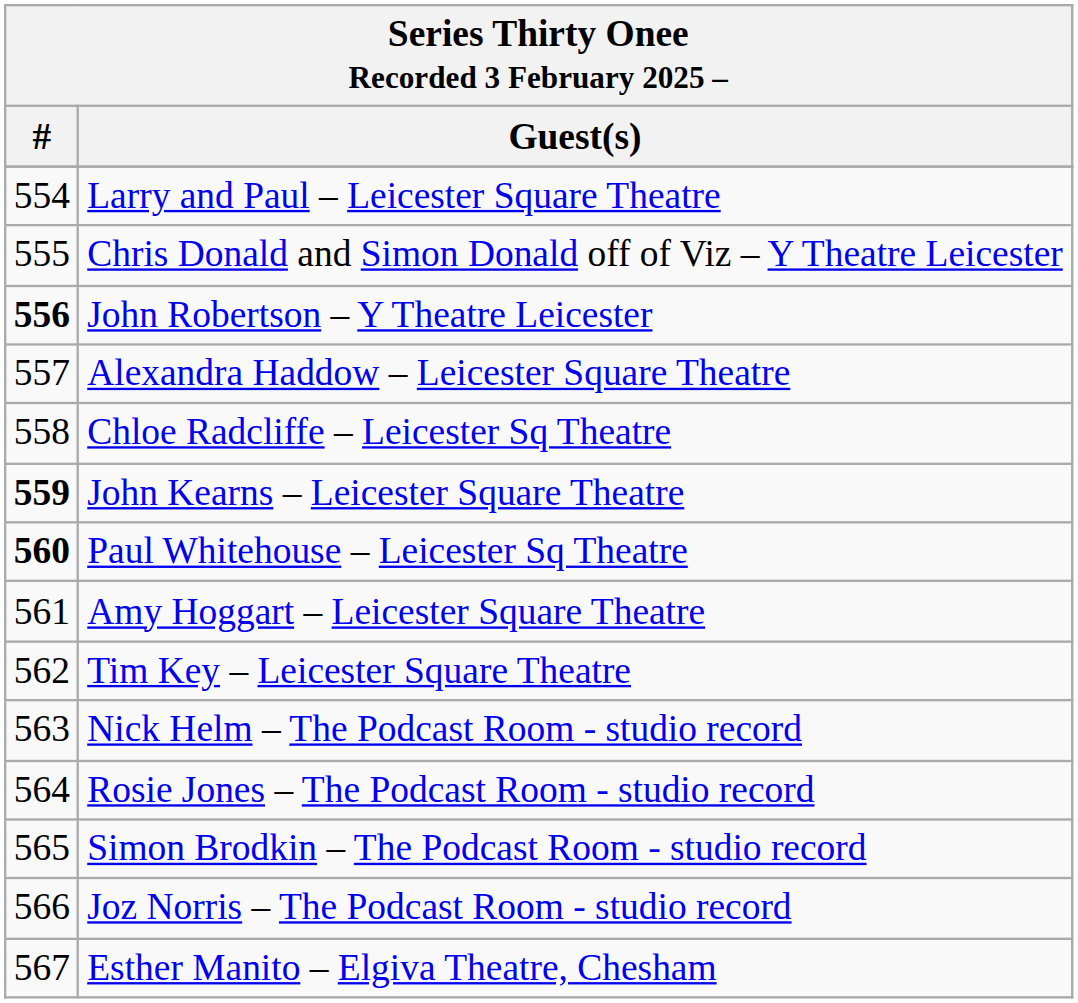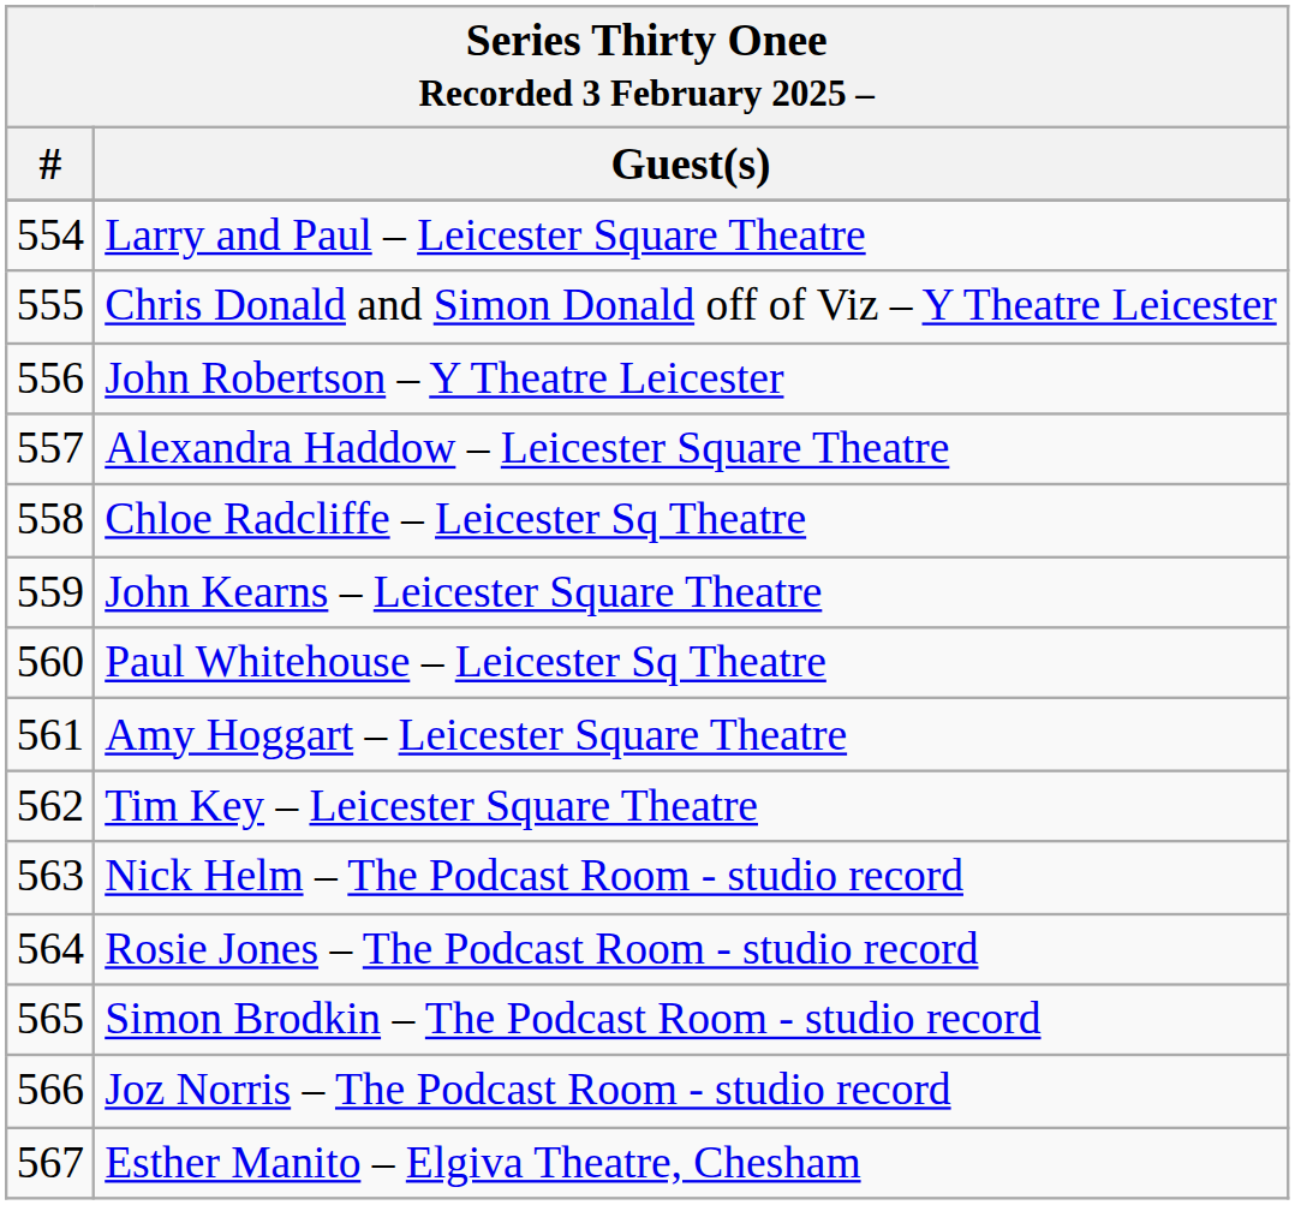 <table class="wikitable">
 <tr>
 <th colspan="3">Series Thirty Onee<br><small>Recorded 3 February 2025 –</small></th>
 </tr>
 <tr>
 <th>#</th>
 <th>Guest(s)</th>
 </tr>
 <tr>
 </tr>
 <tr>
 <td>554</td>
 <td><a href='#'>Larry and Paul</a> – <a href='#'>Leicester Square Theatre</a></td>
 </tr>
 <tr>
 <td>555</td>
 <td><a href='#'>Chris Donald</a> and <a href='#'>Simon Donald</a> off of Viz – <a href='#'>Y Theatre Leicester</a></td>
 </tr>
 <tr>
-<td><strong>556</strong></td>
+<td>556</td>
 <td><a href='#'>John Robertson</a> – <a href='#'>Y Theatre Leicester</a></td>
 </tr>
 <tr>
 <td>557</td>
 <td><a href='#'>Alexandra Haddow</a> – <a href='#'>Leicester Square Theatre</a></td>
 </tr>
 <tr>
 <td>558</td>
 <td><a href='#'>Chloe Radcliffe</a> – <a href='#'>Leicester Sq Theatre</a></td>
 </tr>
 <tr>
-<td><strong>559</strong></td>
+<td>559</td>
 <td><a href='#'>John Kearns</a> – <a href='#'>Leicester Square Theatre</a></td>
 </tr>
 <tr>
-<td><strong>560</strong></td>
+<td>560</td>
 <td><a href='#'>Paul Whitehouse</a> – <a href='#'>Leicester Sq Theatre</a></td>
 </tr>
 <tr>
 <td>561</td>
 <td><a href='#'>Amy Hoggart</a> – <a href='#'>Leicester Square Theatre</a></td>
 </tr>
 <tr>
 <td>562</td>
 <td><a href='#'>Tim Key</a> – <a href='#'>Leicester Square Theatre</a></td>
 </tr>
 <tr>
 <td>563</td>
 <td><a href='#'>Nick Helm</a> – <a href='#'>The Podcast Room - studio record</a></td>
 </tr>
 <tr>
 <td>564</td>
 <td><a href='#'>Rosie Jones</a> – <a href='#'>The Podcast Room - studio record</a></td>
 </tr>
 <tr>
 <td>565</td>
 <td><a href='#'>Simon Brodkin</a> – <a href='#'>The Podcast Room - studio record</a></td>
 </tr>
 <tr>
 <td>566</td>
 <td><a href='#'>Joz Norris</a> – <a href='#'>The Podcast Room - studio record</a></td>
 </tr>
 <tr>
 <td>567</td>
 <td><a href='#'>Esther Manito</a> – <a href='#'>Elgiva Theatre, Chesham</a></td>
 </tr>
 </table>
